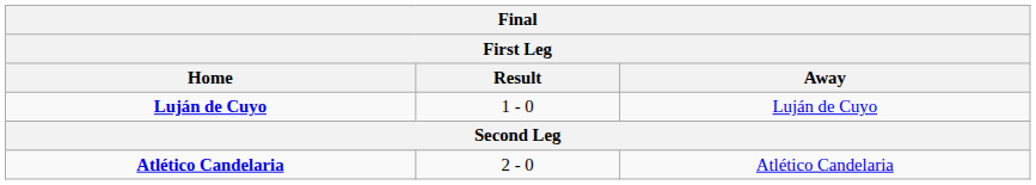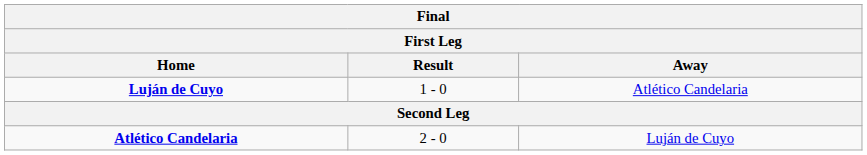 <table align=center class="wikitable collapsible collapsed" style="font-size:95%; text-align: center; width: 70%;">
 <tr>
 <th colspan=100% style="with: 100%;" align=center>Final</th>
 </tr>
 <tr>
 <th colspan=100% style="with: 75%;" align=center>First Leg</th>
 </tr>
 <tr>
 <th width=30%>Home</th>
 <th width=15%>Result</th>
 <th width=30%>Away</th>
 </tr>
 <tr align=center>
 <td><strong><a href='#'>Luján de Cuyo</a></strong></td>
 <td>1 - 0</td>
-<td><a href='#'>Luján de Cuyo</a></td>
+<td><a href='#'>Atlético Candelaria</a></td>
 </tr>
 <tr>
 <th colspan=100% style="with: 75%;" align=center>Second Leg</th>
 </tr>
 <tr align=center>
 <td><strong><a href='#'>Atlético Candelaria</a></strong></td>
 <td>2 - 0</td>
-<td><a href='#'>Atlético Candelaria</a></td>
+<td><a href='#'>Luján de Cuyo</a></td>
 </tr>
 </table>
